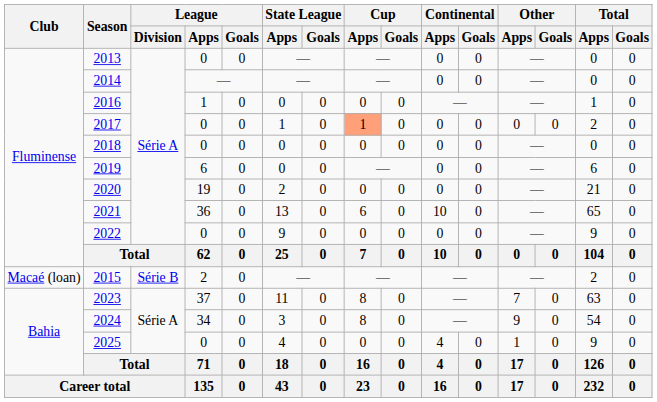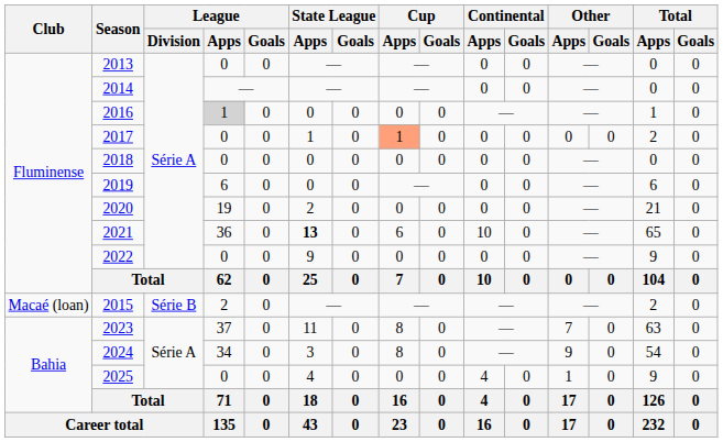 <table class="wikitable" style="text-align: center;">
 <tr>
 <th rowspan="2">Club</th>
 <th rowspan="2">Season</th>
 <th colspan="3">League</th>
 <th colspan="2">State League</th>
 <th colspan="2">Cup</th>
 <th colspan="2">Continental</th>
 <th colspan="2">Other</th>
 <th colspan="2">Total</th>
 </tr>
 <tr>
 <th>Division</th>
 <th>Apps</th>
 <th>Goals</th>
 <th>Apps</th>
 <th>Goals</th>
 <th>Apps</th>
 <th>Goals</th>
 <th>Apps</th>
 <th>Goals</th>
 <th>Apps</th>
 <th>Goals</th>
 <th>Apps</th>
 <th>Goals</th>
 </tr>
 <tr>
 <td rowspan="10"><a href='#'>Fluminense</a></td>
 <td><a href='#'>2013</a></td>
 <td rowspan="9"><a href='#'>Série A</a></td>
 <td>0</td>
 <td>0</td>
 <td colspan="2">—</td>
 <td colspan="2">—</td>
 <td>0</td>
 <td>0</td>
 <td colspan="2">—</td>
 <td>0</td>
 <td>0</td>
 </tr>
 <tr>
 <td><a href='#'>2014</a></td>
 <td colspan="2">—</td>
 <td colspan="2">—</td>
 <td colspan="2">—</td>
 <td>0</td>
 <td>0</td>
 <td colspan="2">—</td>
 <td>0</td>
 <td>0</td>
 </tr>
 <tr>
 <td><a href='#'>2016</a></td>
-<td>1</td>
+<td style="background: lightgrey;">1</td>
 <td>0</td>
 <td>0</td>
 <td>0</td>
 <td>0</td>
 <td>0</td>
 <td colspan="2">—</td>
 <td colspan="2">—</td>
 <td>1</td>
 <td>0</td>
 </tr>
 <tr>
 <td><a href='#'>2017</a></td>
 <td>0</td>
 <td>0</td>
 <td>1</td>
 <td>0</td>
 <td style="background: lightsalmon;">1</td>
 <td>0</td>
 <td>0</td>
 <td>0</td>
 <td>0</td>
 <td>0</td>
 <td>2</td>
 <td>0</td>
 </tr>
 <tr>
 <td><a href='#'>2018</a></td>
 <td>0</td>
 <td>0</td>
 <td>0</td>
 <td>0</td>
 <td>0</td>
 <td>0</td>
 <td>0</td>
 <td>0</td>
 <td colspan="2">—</td>
 <td>0</td>
 <td>0</td>
 </tr>
 <tr>
 <td><a href='#'>2019</a></td>
 <td>6</td>
 <td>0</td>
 <td>0</td>
 <td>0</td>
 <td colspan="2">—</td>
 <td>0</td>
 <td>0</td>
 <td colspan="2">—</td>
 <td>6</td>
 <td>0</td>
 </tr>
 <tr>
 <td><a href='#'>2020</a></td>
 <td>19</td>
 <td>0</td>
 <td>2</td>
 <td>0</td>
 <td>0</td>
 <td>0</td>
 <td>0</td>
 <td>0</td>
 <td colspan="2">—</td>
 <td>21</td>
 <td>0</td>
 </tr>
 <tr>
 <td><a href='#'>2021</a></td>
 <td>36</td>
 <td>0</td>
-<td>13</td>
+<td><strong>13</strong></td>
 <td>0</td>
 <td>6</td>
 <td>0</td>
 <td>10</td>
 <td>0</td>
 <td colspan="2">—</td>
 <td>65</td>
 <td>0</td>
 </tr>
 <tr>
 <td><a href='#'>2022</a></td>
 <td>0</td>
 <td>0</td>
 <td>9</td>
 <td>0</td>
 <td>0</td>
 <td>0</td>
 <td>0</td>
 <td>0</td>
 <td colspan="2">—</td>
 <td>9</td>
 <td>0</td>
 </tr>
 <tr>
 <th colspan="2">Total</th>
 <th>62</th>
 <th>0</th>
 <th>25</th>
 <th>0</th>
 <th>7</th>
 <th>0</th>
 <th>10</th>
 <th>0</th>
 <th>0</th>
 <th>0</th>
 <th>104</th>
 <th>0</th>
 </tr>
 <tr>
 <td><a href='#'>Macaé</a> (loan)</td>
 <td><a href='#'>2015</a></td>
 <td><a href='#'>Série B</a></td>
 <td>2</td>
 <td>0</td>
 <td colspan="2">—</td>
 <td colspan="2">—</td>
 <td colspan="2">—</td>
 <td colspan="2">—</td>
 <td>2</td>
 <td>0</td>
 </tr>
 <tr>
 <td rowspan="4"><a href='#'>Bahia</a></td>
 <td><a href='#'>2023</a></td>
 <td rowspan="3">Série A</td>
 <td>37</td>
 <td>0</td>
 <td>11</td>
 <td>0</td>
 <td>8</td>
 <td>0</td>
 <td colspan="2">—</td>
 <td>7</td>
 <td>0</td>
 <td>63</td>
 <td>0</td>
 </tr>
 <tr>
 <td><a href='#'>2024</a></td>
 <td>34</td>
 <td>0</td>
 <td>3</td>
 <td>0</td>
 <td>8</td>
 <td>0</td>
 <td colspan="2">—</td>
 <td>9</td>
 <td>0</td>
 <td>54</td>
 <td>0</td>
 </tr>
 <tr>
 <td><a href='#'>2025</a></td>
 <td>0</td>
 <td>0</td>
 <td>4</td>
 <td>0</td>
 <td>0</td>
 <td>0</td>
 <td>4</td>
 <td>0</td>
 <td>1</td>
 <td>0</td>
 <td>9</td>
 <td>0</td>
 </tr>
 <tr>
 <th colspan="2">Total</th>
 <th>71</th>
 <th>0</th>
 <th>18</th>
 <th>0</th>
 <th>16</th>
 <th>0</th>
 <th>4</th>
 <th>0</th>
 <th>17</th>
 <th>0</th>
 <th>126</th>
 <th>0</th>
 </tr>
 <tr>
 <th colspan="3">Career total</th>
 <th>135</th>
 <th>0</th>
 <th>43</th>
 <th>0</th>
 <th>23</th>
 <th>0</th>
 <th>16</th>
 <th>0</th>
 <th>17</th>
 <th>0</th>
 <th>232</th>
 <th>0</th>
 </tr>
 </table>
